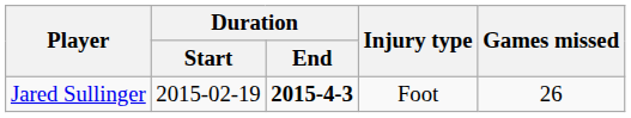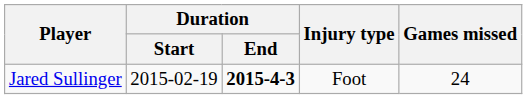 <table class="wikitable sortable collapsible collapsed" style="text-align:center;">
 <tr>
 <th rowspan="2">Player</th>
 <th colspan="2">Duration</th>
 <th rowspan="2">Injury type</th>
 <th rowspan="2">Games missed</th>
 </tr>
 <tr>
 <th>Start</th>
 <th>End</th>
 </tr>
 <tr>
 <td><a href='#'>Jared Sullinger</a></td>
 <td>2015-02-19</td>
 <td><strong>2015-4-3</strong></td>
 <td>Foot</td>
-<td>26</td>
+<td>24</td>
 </tr>
 </table>
